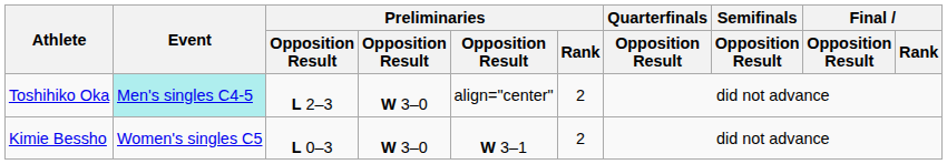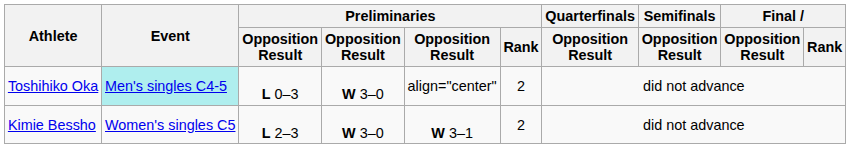 <table class=wikitable style="font-size:90%">
 <tr>
 <th rowspan="2">Athlete</th>
 <th rowspan="2">Event</th>
 <th colspan="4">Preliminaries</th>
 <th>Quarterfinals</th>
 <th>Semifinals</th>
 <th colspan="2">Final / </th>
 </tr>
 <tr>
 <th>Opposition<br>Result</th>
 <th>Opposition<br>Result</th>
 <th>Opposition<br>Result</th>
 <th>Rank</th>
 <th>Opposition<br>Result</th>
 <th>Opposition<br>Result</th>
 <th>Opposition<br>Result</th>
 <th>Rank</th>
 </tr>
 <tr>
 <td><a href='#'>Toshihiko Oka</a></td>
 <td style="background: paleturquoise;"><a href='#'>Men's singles C4-5</a></td>
-<td align="center"><br><strong>L</strong> 2–3</td>
+<td align="center"><br><strong>L</strong> 0–3</td>
 <td align="center"><br><strong>W</strong> 3–0</td>
 <td>align="center" </td>
 <td align="center">2</td>
 <td align="center" colspan="4">did not advance</td>
 </tr>
 <tr>
 <td><a href='#'>Kimie Bessho</a></td>
 <td><a href='#'>Women's singles C5</a></td>
-<td align="center"><br><strong>L</strong> 0–3</td>
+<td align="center"><br><strong>L</strong> 2–3</td>
 <td align="center"><br><strong>W</strong> 3–0</td>
 <td align="center"><br><strong>W</strong> 3–1</td>
 <td align="center">2</td>
 <td align="center" colspan="4">did not advance</td>
 </tr>
 </table>
